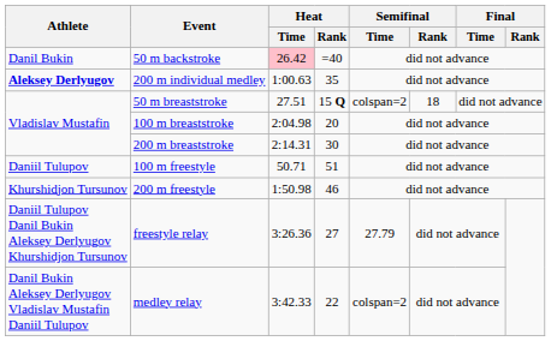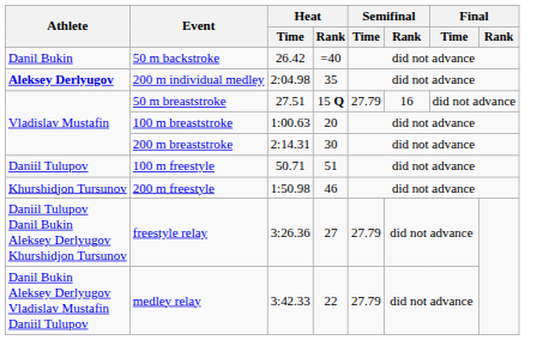 <table class=wikitable style="font-size:90%">
 <tr>
 <th rowspan="2">Athlete</th>
 <th rowspan="2">Event</th>
 <th colspan="2">Heat</th>
 <th colspan="2">Semifinal</th>
 <th colspan="2">Final</th>
 </tr>
 <tr style="font-size:95%">
 <th>Time</th>
 <th>Rank</th>
 <th>Time</th>
 <th>Rank</th>
 <th>Time</th>
 <th>Rank</th>
 </tr>
 <tr align=center>
 <td align=left><a href='#'>Danil Bukin</a></td>
 <td align=left><a href='#'>50 m backstroke</a></td>
-<td style="background: pink;">26.42</td>
+<td>26.42</td>
 <td>=40</td>
 <td colspan=4>did not advance</td>
 </tr>
 <tr align=center>
 <td align=left><strong><a href='#'>Aleksey Derlyugov</a></strong></td>
 <td align=left><a href='#'>200 m individual medley</a></td>
-<td>1:00.63</td>
+<td>2:04.98</td>
 <td>35</td>
 <td colspan=4>did not advance</td>
 </tr>
 <tr align=center>
 <td align=left rowspan=3><a href='#'>Vladislav Mustafin</a></td>
 <td align=left><a href='#'>50 m breaststroke</a></td>
 <td>27.51</td>
 <td>15 <strong>Q</strong></td>
-<td>colspan=2 </td>
-<td>18</td>
+<td>27.79</td>
+<td>16</td>
 <td colspan=2>did not advance</td>
 </tr>
 <tr align=center>
 <td align=left><a href='#'>100 m breaststroke</a></td>
-<td>2:04.98</td>
+<td>1:00.63</td>
 <td>20</td>
 <td colspan=4>did not advance</td>
 </tr>
 <tr align=center>
 <td align=left><a href='#'>200 m breaststroke</a></td>
 <td>2:14.31</td>
 <td>30</td>
 <td colspan=4>did not advance</td>
 </tr>
 <tr align=center>
 <td align=left><a href='#'>Daniil Tulupov</a></td>
 <td align=left><a href='#'>100 m freestyle</a></td>
 <td>50.71</td>
 <td>51</td>
 <td colspan=4>did not advance</td>
 </tr>
 <tr align=center>
 <td align=left><a href='#'>Khurshidjon Tursunov</a></td>
 <td align=left><a href='#'>200 m freestyle</a></td>
 <td>1:50.98</td>
 <td>46</td>
 <td colspan=4>did not advance</td>
 </tr>
 <tr align=center>
 <td align=left><a href='#'>Daniil Tulupov</a><br><a href='#'>Danil Bukin</a><br><a href='#'>Aleksey Derlyugov</a><br><a href='#'>Khurshidjon Tursunov</a></td>
 <td align=left><a href='#'> freestyle relay</a></td>
 <td>3:26.36</td>
 <td>27</td>
 <td>27.79</td>
 <td colspan=2>did not advance</td>
 </tr>
 <tr align=center>
 <td align=left><a href='#'>Danil Bukin</a><br><a href='#'>Aleksey Derlyugov</a><br><a href='#'>Vladislav Mustafin</a><br><a href='#'>Daniil Tulupov</a></td>
 <td align=left><a href='#'> medley relay</a></td>
 <td>3:42.33</td>
 <td>22</td>
-<td>colspan=2 </td>
+<td>27.79</td>
 <td colspan=2>did not advance</td>
 </tr>
 </table>
